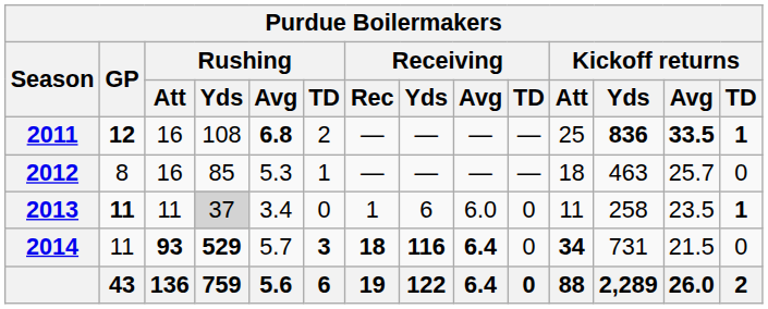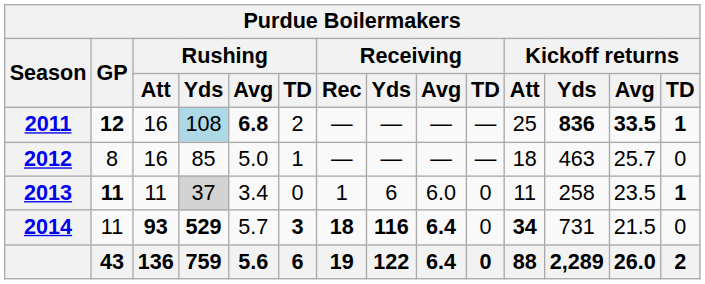 <table class=wikitable style="text-align:center;">
 <tr>
 <th colspan="16">Purdue Boilermakers</th>
 </tr>
 <tr>
 <th rowspan="2">Season</th>
 <th rowspan="2">GP</th>
 <th colspan="4">Rushing</th>
 <th colspan="4">Receiving</th>
 <th colspan="4">Kickoff returns</th>
 </tr>
 <tr>
 <th>Att</th>
 <th>Yds</th>
 <th>Avg</th>
 <th>TD</th>
 <th>Rec</th>
 <th>Yds</th>
 <th>Avg</th>
 <th>TD</th>
 <th>Att</th>
 <th>Yds</th>
 <th>Avg</th>
 <th>TD</th>
 </tr>
 <tr>
 <th><a href='#'>2011</a></th>
 <td><strong>12</strong></td>
 <td>16</td>
-<td>108</td>
+<td style="background: lightblue;">108</td>
 <td><strong>6.8</strong></td>
 <td>2</td>
 <td>—</td>
 <td>—</td>
 <td>—</td>
 <td>—</td>
 <td>25</td>
 <td><strong>836</strong></td>
 <td><strong>33.5</strong></td>
 <td><strong>1</strong></td>
 </tr>
 <tr>
 <th><a href='#'>2012</a></th>
 <td>8</td>
 <td>16</td>
 <td>85</td>
-<td>5.3</td>
+<td>5.0</td>
 <td>1</td>
 <td>—</td>
 <td>—</td>
 <td>—</td>
 <td>—</td>
 <td>18</td>
 <td>463</td>
 <td>25.7</td>
 <td>0</td>
 </tr>
 <tr>
 <th><a href='#'>2013</a></th>
 <td><strong>11</strong></td>
 <td>11</td>
 <td style="background: lightgrey;">37</td>
 <td>3.4</td>
 <td>0</td>
 <td>1</td>
 <td>6</td>
 <td>6.0</td>
 <td>0</td>
 <td>11</td>
 <td>258</td>
 <td>23.5</td>
 <td><strong>1</strong></td>
 </tr>
 <tr>
 <th><a href='#'>2014</a></th>
 <td>11</td>
 <td><strong>93</strong></td>
 <td><strong>529</strong></td>
 <td>5.7</td>
 <td><strong>3</strong></td>
 <td><strong>18</strong></td>
 <td><strong>116</strong></td>
 <td><strong>6.4</strong></td>
 <td>0</td>
 <td><strong>34</strong></td>
 <td>731</td>
 <td>21.5</td>
 <td>0</td>
 </tr>
 <tr>
 <th></th>
 <th>43</th>
 <th>136</th>
 <th>759</th>
 <th>5.6</th>
 <th>6</th>
 <th>19</th>
 <th>122</th>
 <th>6.4</th>
 <th>0</th>
 <th>88</th>
 <th>2,289</th>
 <th>26.0</th>
 <th>2</th>
 </tr>
 </table>
